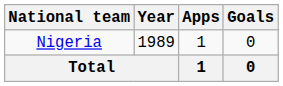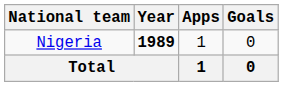 <table class="wikitable" style="text-align:center">
 <tr>
 <th>National team</th>
 <th>Year</th>
 <th>Apps</th>
 <th>Goals</th>
 </tr>
 <tr>
 <td rowspan="1"><a href='#'>Nigeria</a></td>
-<td>1989</td>
+<td><strong>1989</strong></td>
 <td>1</td>
 <td>0</td>
 </tr>
 <tr>
 <th colspan=2>Total</th>
 <th>1</th>
 <th>0</th>
 </tr>
 </table>
